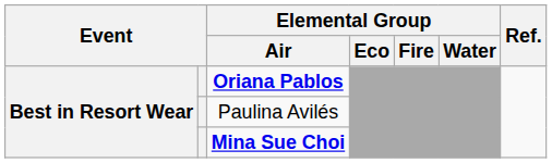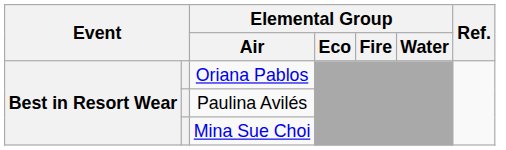 <table class="wikitable" style="font-size: 95%;">
 <tr>
 <th colspan="2" rowspan="2" scope="row">Event</th>
 <th colspan="4">Elemental Group</th>
 <th rowspan="2" scope="row">Ref.</th>
 </tr>
 <tr>
 <th>Air</th>
 <th>Eco</th>
 <th>Fire</th>
 <th>Water</th>
 </tr>
 <tr>
 <th rowspan="3">Best in Resort Wear</th>
 <th></th>
-<td align="center"><strong><a href='#'>Oriana Pablos</a><br></strong></td>
+<td align="center"><a href='#'>Oriana Pablos</a><br></td>
 <td colspan="3" rowspan="3" bgcolor="darkgray"></td>
 <td rowspan="3"></td>
 </tr>
 <tr>
 <th></th>
 <td align="center">Paulina Avilés <br></td>
 </tr>
 <tr>
 <th></th>
-<td align="center"><strong><a href='#'>Mina Sue Choi</a> <br></strong></td>
+<td align="center"><a href='#'>Mina Sue Choi</a> <br></td>
 </tr>
 </table>
